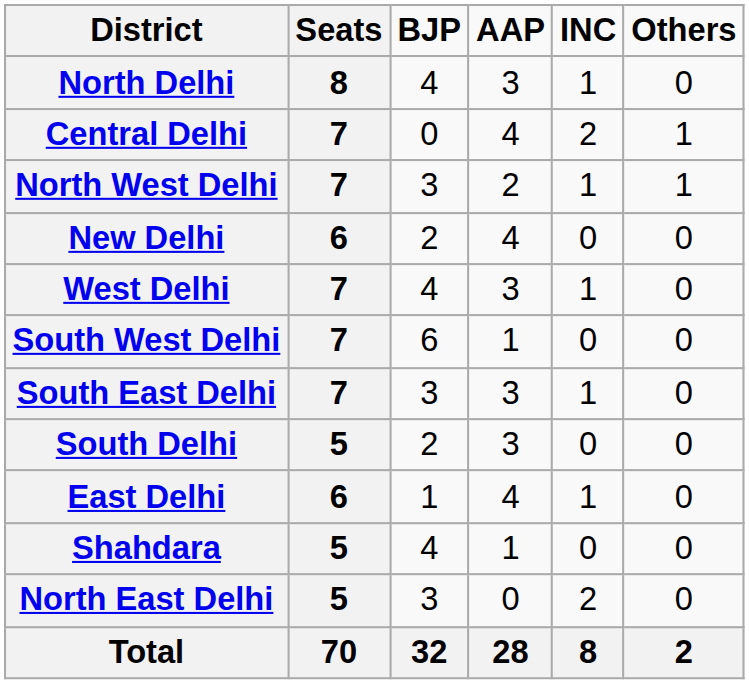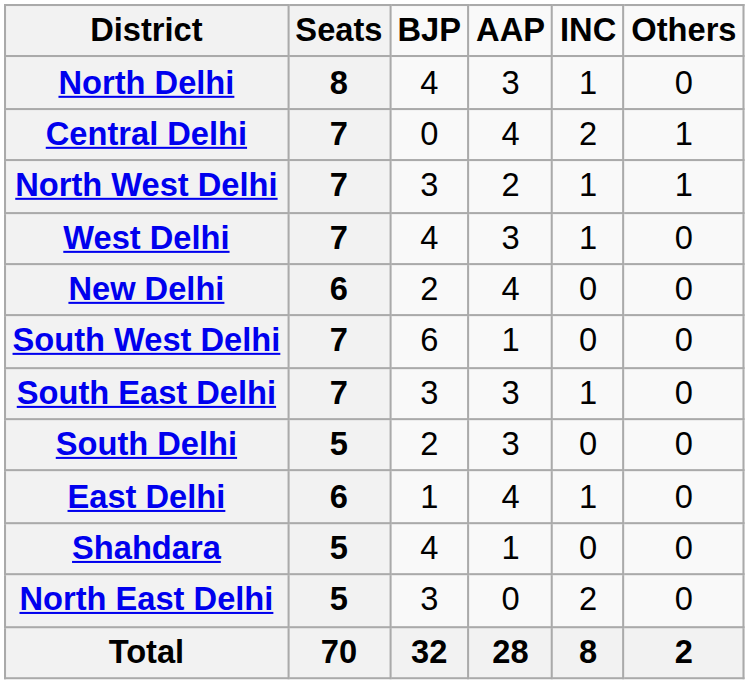 <table class="wikitable sortable" style="text-align:center;">
 <tr>
 <th>District</th>
 <th>Seats</th>
 <td><span><strong>BJP</strong></span></td>
 <td><span><strong>AAP</strong></span></td>
 <td><span><strong>INC</strong></span></td>
 <td><span><strong>Others</strong></span></td>
 </tr>
 <tr>
 <th><a href='#'>North Delhi</a></th>
 <th>8</th>
 <td style="background:">4</td>
 <td>3</td>
 <td>1</td>
 <td>0</td>
 </tr>
 <tr>
 <th><a href='#'>Central Delhi</a></th>
 <th>7</th>
 <td>0</td>
 <td style="background:">4</td>
 <td>2</td>
 <td>1</td>
 </tr>
 <tr>
 <th><a href='#'>North West Delhi</a></th>
 <th>7</th>
 <td style="background:">3</td>
 <td>2</td>
 <td>1</td>
 <td>1</td>
 </tr>
 <tr>
+<th><a href='#'>West Delhi</a></th>
+<th>7</th>
+<td style="background:">4</td>
+<td>3</td>
+<td>1</td>
+<td>0</td>
+</tr>
+<tr>
 <th><a href='#'>New Delhi</a></th>
 <th>6</th>
 <td>2</td>
 <td style="background:">4</td>
 <td>0</td>
-<td>0</td>
-</tr>
-<tr>
-<th><a href='#'>West Delhi</a></th>
-<th>7</th>
-<td style="background:">4</td>
-<td>3</td>
-<td>1</td>
 <td>0</td>
 </tr>
 <tr>
 <th><a href='#'>South West Delhi</a></th>
 <th>7</th>
 <td style="background:">6</td>
 <td>1</td>
 <td>0</td>
 <td>0</td>
 </tr>
 <tr>
 <th><a href='#'>South East Delhi</a></th>
 <th>7</th>
 <td>3</td>
 <td>3</td>
 <td>1</td>
 <td>0</td>
 </tr>
 <tr>
 <th><a href='#'>South Delhi</a></th>
 <th>5</th>
 <td>2</td>
 <td style="background:">3</td>
 <td>0</td>
 <td>0</td>
 </tr>
 <tr>
 <th><a href='#'>East Delhi</a></th>
 <th>6</th>
 <td>1</td>
 <td style="background:">4</td>
 <td>1</td>
 <td>0</td>
 </tr>
 <tr>
 <th><a href='#'>Shahdara</a></th>
 <th>5</th>
 <td style="background:">4</td>
 <td>1</td>
 <td>0</td>
 <td>0</td>
 </tr>
 <tr>
 <th><a href='#'>North East Delhi</a></th>
 <th>5</th>
 <td style="background:">3</td>
 <td>0</td>
 <td>2</td>
 <td>0</td>
 </tr>
 <tr>
 <th>Total</th>
 <th>70</th>
 <th>32</th>
 <th>28</th>
 <th>8</th>
 <th>2</th>
 </tr>
 </table>
